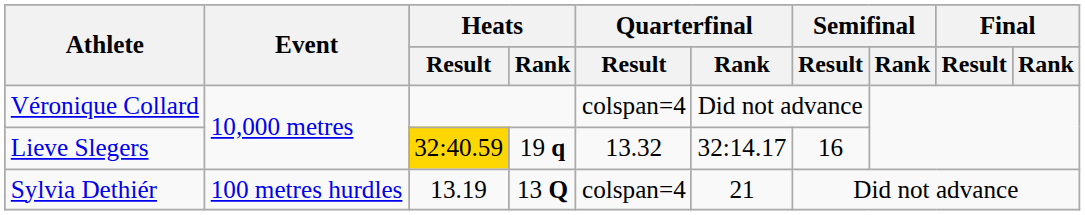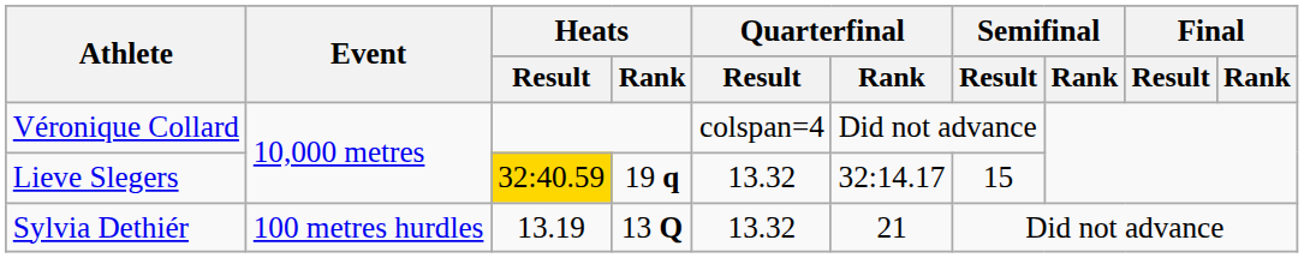 <table class="wikitable" style="font-size:90%">
 <tr>
 <th rowspan="2">Athlete</th>
 <th rowspan="2">Event</th>
 <th colspan="2">Heats</th>
 <th colspan="2">Quarterfinal</th>
 <th colspan="2">Semifinal</th>
 <th colspan="2">Final</th>
 </tr>
 <tr style="font-size:95%">
 <th>Result</th>
 <th>Rank</th>
 <th>Result</th>
 <th>Rank</th>
 <th>Result</th>
 <th>Rank</th>
 <th>Result</th>
 <th>Rank</th>
 </tr>
 <tr align=center>
 <td align=left><a href='#'>Véronique Collard</a></td>
 <td align=left rowspan=2><a href='#'>10,000 metres</a></td>
 <td colspan=2></td>
 <td>colspan=4</td>
 <td colspan=2>Did not advance</td>
 </tr>
 <tr align=center>
 <td align=left><a href='#'>Lieve Slegers</a></td>
 <td style="background: gold;">32:40.59</td>
 <td>19 <strong>q</strong></td>
 <td>13.32</td>
 <td>32:14.17</td>
-<td>16</td>
+<td>15</td>
 </tr>
 <tr align=center>
 <td align=left><a href='#'>Sylvia Dethiér</a></td>
 <td align=left><a href='#'>100 metres hurdles</a></td>
 <td>13.19</td>
 <td>13 <strong>Q</strong></td>
-<td>colspan=4</td>
+<td>13.32</td>
 <td>21</td>
 <td colspan=4>Did not advance</td>
 </tr>
 </table>
